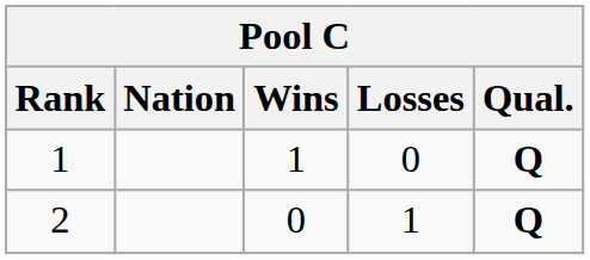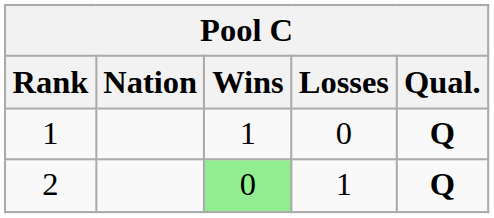 <table class="wikitable" style="text-align:center">
 <tr>
 <th colspan=5 align=center><strong>Pool C</strong></th>
 </tr>
 <tr>
 <th>Rank</th>
 <th>Nation</th>
 <th>Wins</th>
 <th>Losses</th>
 <th>Qual.</th>
 </tr>
 <tr>
 <td>1</td>
 <td align=left></td>
 <td>1</td>
 <td>0</td>
 <td><strong>Q</strong></td>
 </tr>
 <tr>
 <td>2</td>
 <td align=left></td>
-<td>0</td>
+<td style="background: lightgreen;">0</td>
 <td>1</td>
 <td><strong>Q</strong></td>
 </tr>
 </table>
